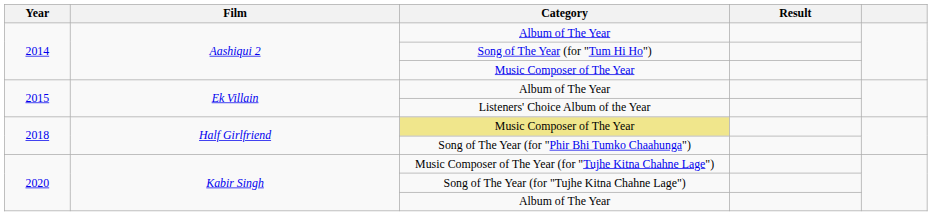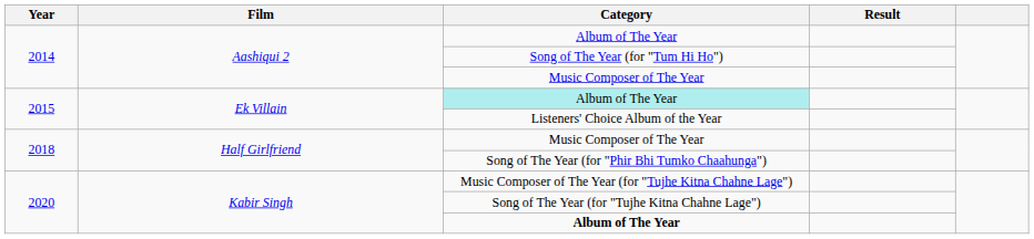 <table class="wikitable sortable">
 <tr>
 <th style="width:5%;">Year</th>
 <th style="width:25%;">Film</th>
 <th style="width:25%;">Category</th>
 <th style="width:10%;">Result</th>
 <th style="width:5%;"></th>
 </tr>
 <tr>
 <td style="text-align:center;" rowspan="3"><a href='#'>2014</a></td>
 <td style="text-align:center;" rowspan="3"><em><a href='#'>Aashiqui 2</a></em></td>
 <td style="text-align:center;"><a href='#'>Album of The Year</a></td>
 <td></td>
 <td rowspan="3"></td>
 </tr>
 <tr>
 <td style="text-align:center;"><a href='#'>Song of The Year</a> (for "<a href='#'>Tum Hi Ho</a>")</td>
 <td></td>
 </tr>
 <tr>
 <td style="text-align:center;"><a href='#'>Music Composer of The Year</a></td>
 <td></td>
 </tr>
 <tr>
 <td style="text-align:center;" rowspan="2"><a href='#'>2015</a></td>
 <td style="text-align:center;" rowspan="2"><em><a href='#'>Ek Villain</a></em></td>
-<td style="text-align:center;">Album of The Year</td>
+<td style="background: paleturquoise; text-align:center;">Album of The Year</td>
 <td></td>
 <td rowspan="2"></td>
 </tr>
 <tr>
 <td style="text-align:center;">Listeners' Choice Album of the Year</td>
 <td></td>
 </tr>
 <tr>
 <td style="text-align:center;" rowspan="2"><a href='#'>2018</a></td>
 <td style="text-align:center;" rowspan="2"><em><a href='#'>Half Girlfriend</a></em></td>
-<td style="background: khaki; text-align:center;">Music Composer of The Year</td>
+<td style="text-align:center;">Music Composer of The Year</td>
 <td></td>
 <td rowspan="2"></td>
 </tr>
 <tr>
 <td style="text-align:center;">Song of The Year (for "<a href='#'>Phir Bhi Tumko Chaahunga</a>")</td>
 <td></td>
 </tr>
 <tr>
 <td style="text-align:center;" rowspan="3"><a href='#'>2020</a></td>
 <td style="text-align:center;" rowspan="3"><em><a href='#'>Kabir Singh</a></em></td>
 <td style="text-align:center;">Music Composer of The Year (for "<a href='#'>Tujhe Kitna Chahne Lage</a>")</td>
 <td></td>
 <td rowspan="3"></td>
 </tr>
 <tr>
 <td style="text-align:center;">Song of The Year (for "Tujhe Kitna Chahne Lage")</td>
 <td></td>
 </tr>
 <tr>
-<td style="text-align:center;">Album of The Year</td>
+<td style="text-align:center;"><strong>Album of The Year</strong></td>
 <td></td>
 </tr>
 </table>
